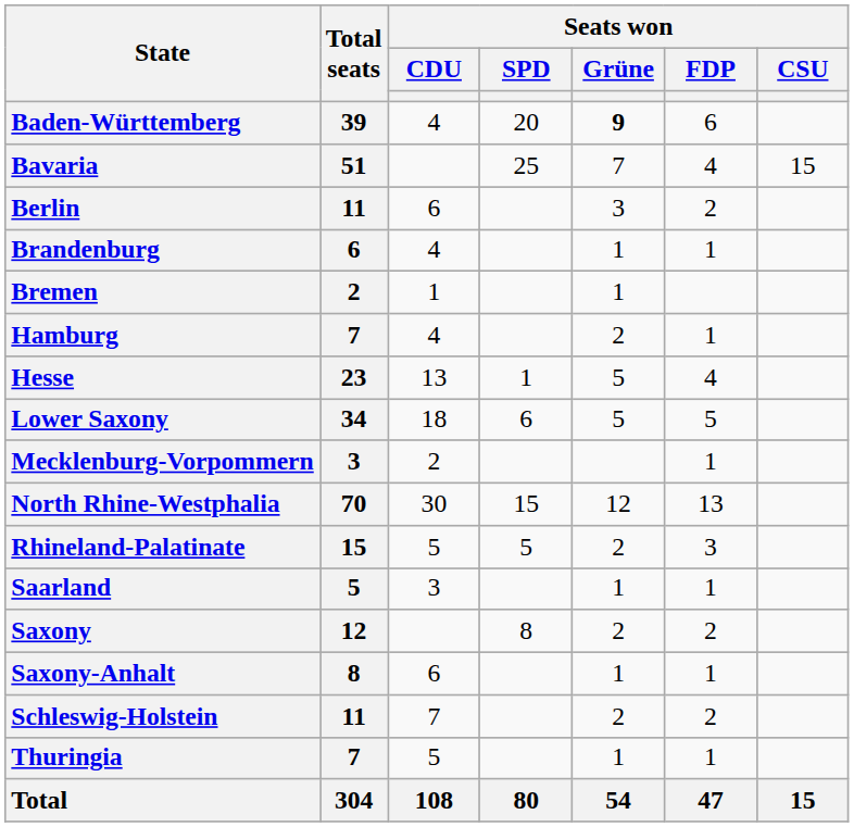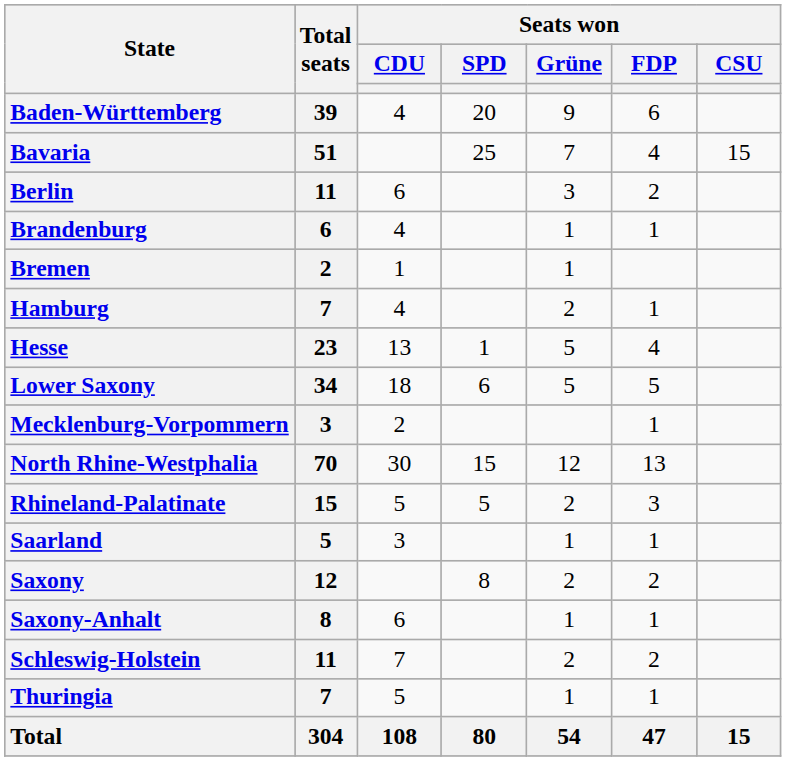 <table class="wikitable" style="text-align:center; font-size: 0.9em;">
 <tr>
 <th rowspan="3">State</th>
 <th rowspan="3">Total<br>seats</th>
 <th colspan="5">Seats won</th>
 </tr>
 <tr>
 <th class="unsortable" style="width:45px;"><a href='#'>CDU</a></th>
 <th class="unsortable" style="width:45px;"><a href='#'>SPD</a></th>
 <th class="unsortable" style="width:45px;"><a href='#'>Grüne</a></th>
 <th class="unsortable" style="width:45px;"><a href='#'>FDP</a></th>
 <th class="unsortable" style="width:45px;"><a href='#'>CSU</a></th>
 </tr>
 <tr>
 <th style="background:"></th>
 <th style="background:"></th>
 <th style="background:"></th>
 <th style="background:"></th>
 <th style="background:"></th>
 </tr>
 <tr>
 <th style="text-align: left;"><a href='#'>Baden-Württemberg</a></th>
 <th>39</th>
 <td>4</td>
 <td>20</td>
-<td><strong>9</strong></td>
+<td>9</td>
 <td>6</td>
 <td></td>
 </tr>
 <tr>
 <th style="text-align: left;"><a href='#'>Bavaria</a></th>
 <th>51</th>
 <td></td>
 <td>25</td>
 <td>7</td>
 <td>4</td>
 <td>15</td>
 </tr>
 <tr>
 <th style="text-align: left;"><a href='#'>Berlin</a></th>
 <th>11</th>
 <td>6</td>
 <td></td>
 <td>3</td>
 <td>2</td>
 <td></td>
 </tr>
 <tr>
 <th style="text-align: left;"><a href='#'>Brandenburg</a></th>
 <th>6</th>
 <td>4</td>
 <td></td>
 <td>1</td>
 <td>1</td>
 <td></td>
 </tr>
 <tr>
 <th style="text-align: left;"><a href='#'>Bremen</a></th>
 <th>2</th>
 <td>1</td>
 <td></td>
 <td>1</td>
 <td></td>
 <td></td>
 </tr>
 <tr>
 <th style="text-align: left;"><a href='#'>Hamburg</a></th>
 <th>7</th>
 <td>4</td>
 <td></td>
 <td>2</td>
 <td>1</td>
 <td></td>
 </tr>
 <tr>
 <th style="text-align: left;"><a href='#'>Hesse</a></th>
 <th>23</th>
 <td>13</td>
 <td>1</td>
 <td>5</td>
 <td>4</td>
 <td></td>
 </tr>
 <tr>
 <th style="text-align: left;"><a href='#'>Lower Saxony</a></th>
 <th>34</th>
 <td>18</td>
 <td>6</td>
 <td>5</td>
 <td>5</td>
 <td></td>
 </tr>
 <tr>
 <th style="text-align: left;"><a href='#'>Mecklenburg-Vorpommern</a></th>
 <th>3</th>
 <td>2</td>
 <td></td>
 <td></td>
 <td>1</td>
 <td></td>
 </tr>
 <tr>
 <th style="text-align: left;"><a href='#'>North Rhine-Westphalia</a></th>
 <th>70</th>
 <td>30</td>
 <td>15</td>
 <td>12</td>
 <td>13</td>
 <td></td>
 </tr>
 <tr class="sortbottom">
 <th style="text-align: left;"><a href='#'>Rhineland-Palatinate</a></th>
 <th>15</th>
 <td>5</td>
 <td>5</td>
 <td>2</td>
 <td>3</td>
 <td></td>
 </tr>
 <tr>
 <th style="text-align: left;"><a href='#'>Saarland</a></th>
 <th>5</th>
 <td>3</td>
 <td></td>
 <td>1</td>
 <td>1</td>
 <td></td>
 </tr>
 <tr>
 <th style="text-align: left;"><a href='#'>Saxony</a></th>
 <th>12</th>
 <td></td>
 <td>8</td>
 <td>2</td>
 <td>2</td>
 <td></td>
 </tr>
 <tr>
 <th style="text-align: left;"><a href='#'>Saxony-Anhalt</a></th>
 <th>8</th>
 <td>6</td>
 <td></td>
 <td>1</td>
 <td>1</td>
 <td></td>
 </tr>
 <tr>
 <th style="text-align: left;"><a href='#'>Schleswig-Holstein</a></th>
 <th>11</th>
 <td>7</td>
 <td></td>
 <td>2</td>
 <td>2</td>
 <td></td>
 </tr>
 <tr>
 <th style="text-align: left;"><a href='#'>Thuringia</a></th>
 <th>7</th>
 <td>5</td>
 <td></td>
 <td>1</td>
 <td>1</td>
 <td></td>
 </tr>
 <tr>
 <th style="text-align: left;">Total</th>
 <th>304</th>
 <th>108</th>
 <th>80</th>
 <th>54</th>
 <th>47</th>
 <th>15</th>
 </tr>
 </table>
